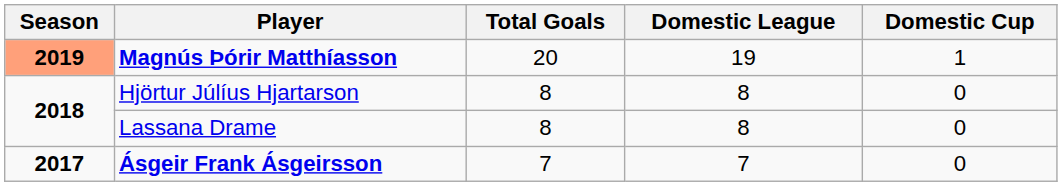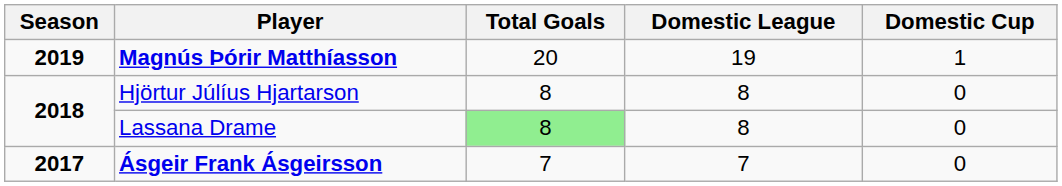 <table class="wikitable sortable" style="width:60%; align:center; text-align:center">
 <tr>
 <th>Season</th>
 <th class="unsortable">Player</th>
 <th>Total Goals</th>
 <th>Domestic League</th>
 <th>Domestic Cup</th>
 </tr>
 <tr>
-<td style="background: lightsalmon;"><strong>2019</strong></td>
+<td><strong>2019</strong></td>
 <td align="left"> <strong><a href='#'>Magnús Þórir Matthíasson</a></strong></td>
 <td>20</td>
 <td>19</td>
 <td>1</td>
 </tr>
 <tr>
 <td rowspan=2><strong>2018</strong></td>
 <td align="left"> <a href='#'>Hjörtur Júlíus Hjartarson</a></td>
 <td>8</td>
 <td>8</td>
 <td>0</td>
 </tr>
 <tr>
 <td align="left"> <a href='#'>Lassana Drame</a></td>
-<td>8</td>
+<td style="background: lightgreen;">8</td>
 <td>8</td>
 <td>0</td>
 </tr>
 <tr>
 <td><strong>2017</strong></td>
 <td align="left"> <strong><a href='#'>Ásgeir Frank Ásgeirsson</a></strong></td>
 <td>7</td>
 <td>7</td>
 <td>0</td>
 </tr>
 </table>
